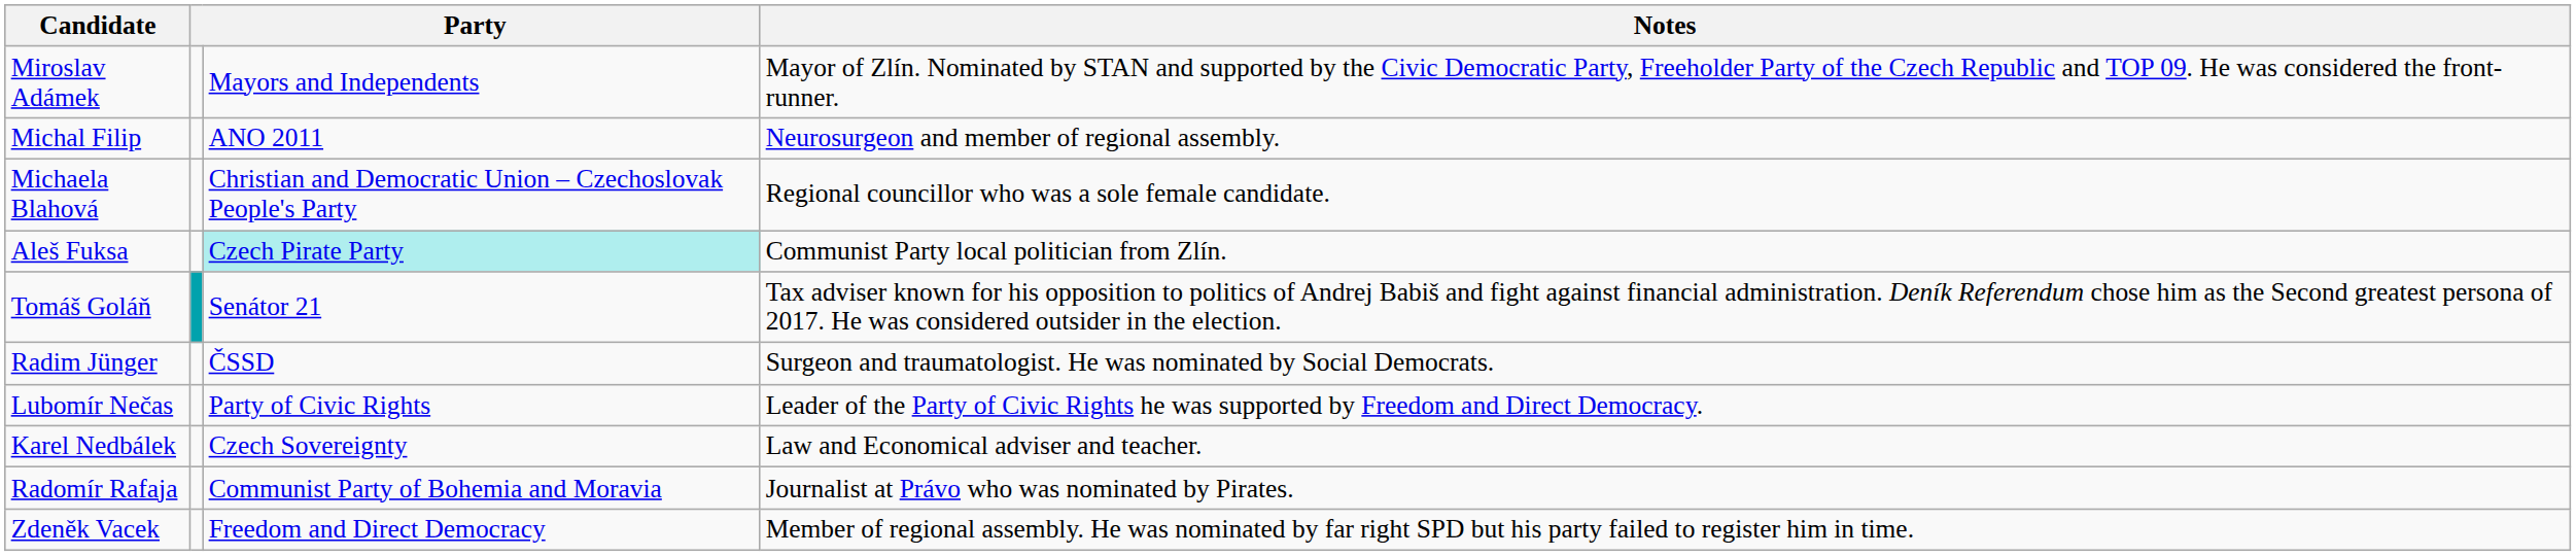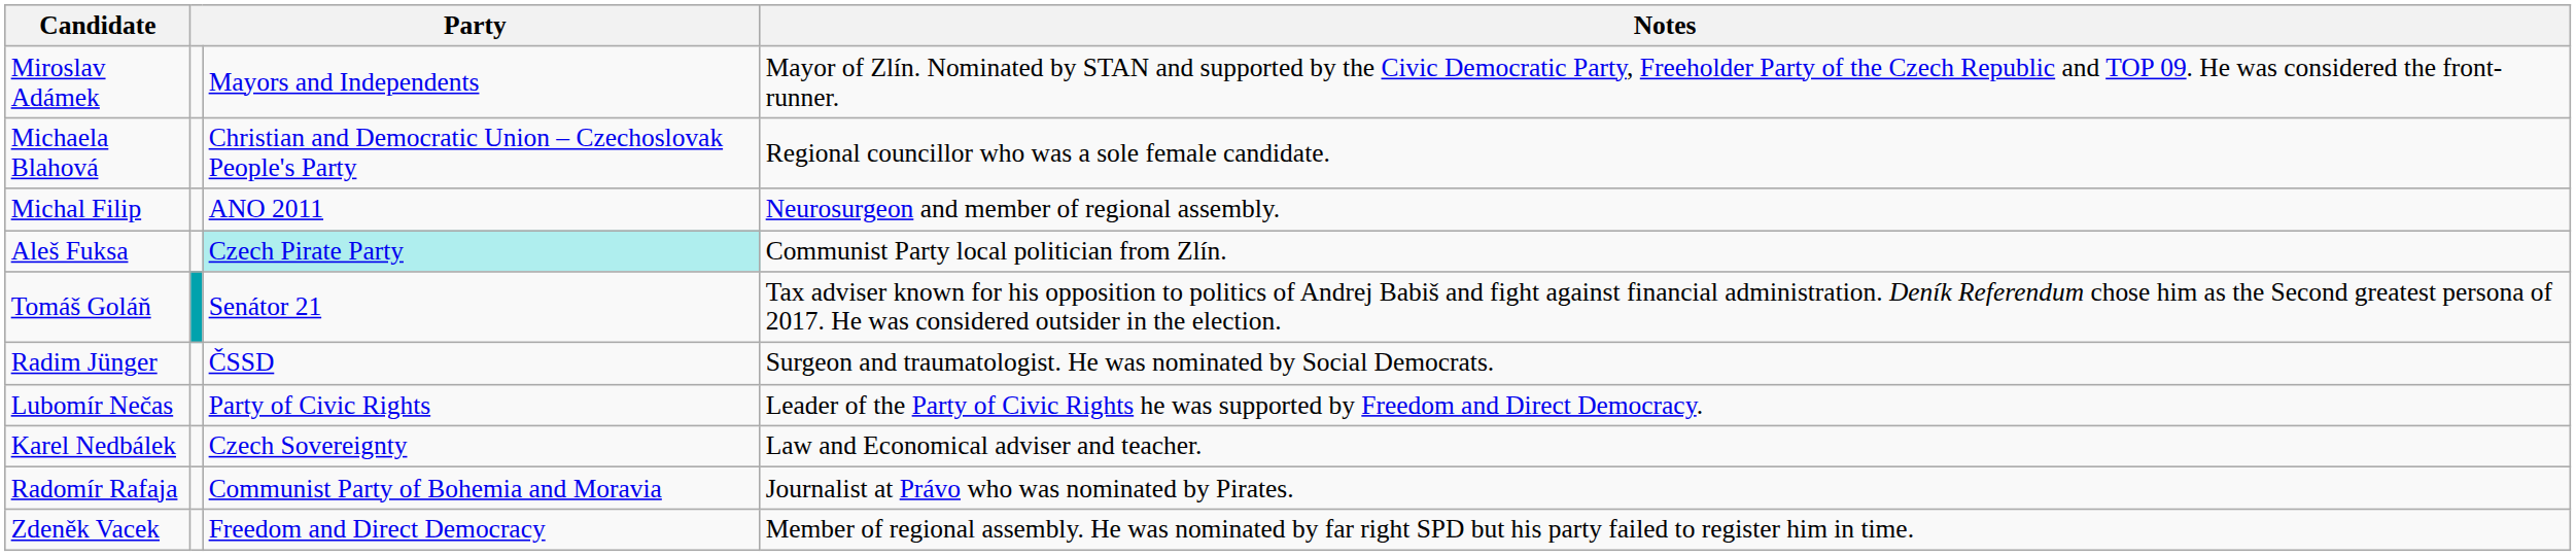 <table class="wikitable">
 <tr>
 <th>Candidate</th>
 <th colspan="2">Party</th>
 <th>Notes</th>
 </tr>
 <tr>
 <td><a href='#'>Miroslav Adámek</a></td>
 <td style="background-color:"></td>
 <td><a href='#'>Mayors and Independents</a></td>
 <td>Mayor of Zlín. Nominated by STAN and supported by the <a href='#'>Civic Democratic Party</a>, <a href='#'>Freeholder Party of the Czech Republic</a> and <a href='#'>TOP 09</a>. He was considered the front-runner.</td>
 </tr>
 <tr>
+<td><a href='#'>Michaela Blahová</a></td>
+<td style="background-color:"></td>
+<td><a href='#'>Christian and Democratic Union – Czechoslovak People's Party</a></td>
+<td>Regional councillor who was a sole female candidate.</td>
+</tr>
+<tr>
 <td><a href='#'>Michal Filip</a></td>
 <td style="background-color:"></td>
 <td><a href='#'>ANO 2011</a></td>
 <td><a href='#'>Neurosurgeon</a> and member of regional assembly.</td>
-</tr>
-<tr>
-<td><a href='#'>Michaela Blahová</a></td>
-<td style="background-color:"></td>
-<td><a href='#'>Christian and Democratic Union – Czechoslovak People's Party</a></td>
-<td>Regional councillor who was a sole female candidate.</td>
 </tr>
 <tr>
 <td><a href='#'>Aleš Fuksa</a></td>
 <td style="background-color:"></td>
 <td style="background: paleturquoise;"><a href='#'>Czech Pirate Party</a></td>
 <td>Communist Party local politician from Zlín.</td>
 </tr>
 <tr>
 <td><a href='#'>Tomáš Goláň</a></td>
 <td style="background:#00A2AD;"></td>
 <td><a href='#'>Senátor 21</a></td>
 <td>Tax adviser known for his opposition to politics of Andrej Babiš and fight against financial administration. <em>Deník Referendum</em> chose him as the Second greatest persona of 2017. He was considered outsider in the election.</td>
 </tr>
 <tr>
 <td><a href='#'>Radim Jünger</a></td>
 <td style="background-color:"></td>
 <td><a href='#'>ČSSD</a></td>
 <td>Surgeon and traumatologist. He was nominated by Social Democrats.</td>
 </tr>
 <tr>
 <td><a href='#'>Lubomír Nečas</a></td>
 <td style="background-color:"></td>
 <td><a href='#'>Party of Civic Rights</a></td>
 <td>Leader of the <a href='#'>Party of Civic Rights</a> he was supported by <a href='#'>Freedom and Direct Democracy</a>.</td>
 </tr>
 <tr>
 <td><a href='#'>Karel Nedbálek</a></td>
 <td style="background:"></td>
 <td><a href='#'>Czech Sovereignty</a></td>
 <td>Law and Economical adviser and teacher.</td>
 </tr>
 <tr>
 <td><a href='#'>Radomír Rafaja</a></td>
 <td style="background-color:"></td>
 <td><a href='#'>Communist Party of Bohemia and Moravia</a></td>
 <td>Journalist at <a href='#'>Právo</a> who was nominated by Pirates.</td>
 </tr>
 <tr>
 <td><a href='#'>Zdeněk Vacek</a></td>
 <td style="background-color:"></td>
 <td><a href='#'>Freedom and Direct Democracy</a></td>
 <td>Member of regional assembly. He was nominated by far right SPD but his party failed to register him in time.</td>
 </tr>
 </table>
